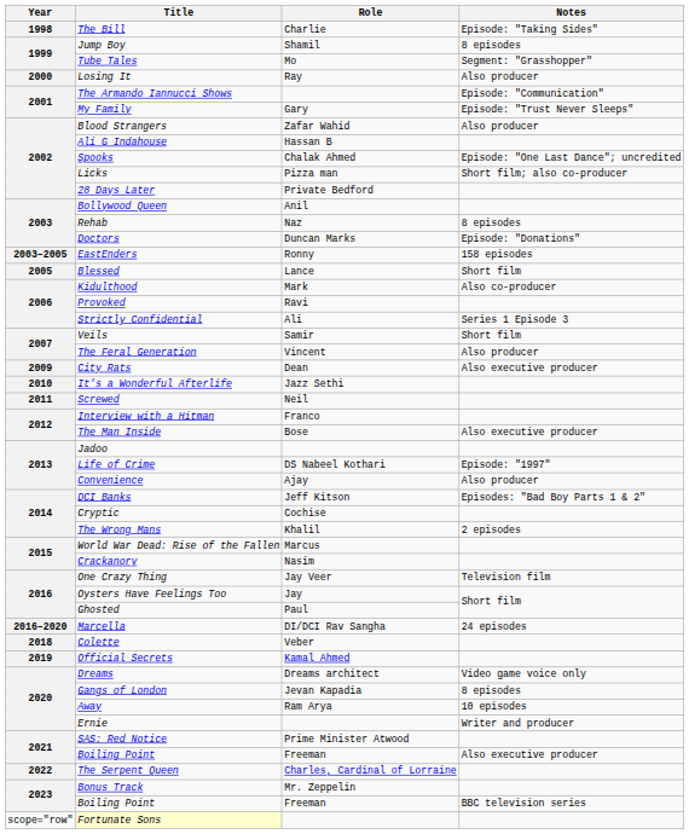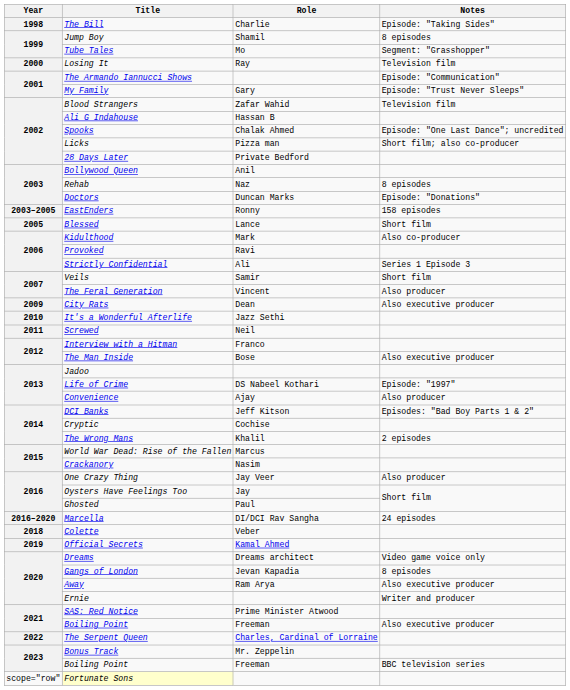 <table class="wikitable plainrowheaders">
 <tr>
 <th scope="col">Year</th>
 <th scope="col">Title</th>
 <th scope="col">Role</th>
 <th scope="col">Notes</th>
 </tr>
 <tr>
 <th scope="row">1998</th>
 <td><em><a href='#'>The Bill</a></em></td>
 <td>Charlie</td>
 <td>Episode: "Taking Sides"</td>
 </tr>
 <tr>
 <th scope="row" rowspan="2">1999</th>
 <td><em>Jump Boy</em></td>
 <td>Shamil</td>
 <td>8 episodes</td>
 </tr>
 <tr>
 <td><em><a href='#'>Tube Tales</a></em></td>
 <td>Mo</td>
 <td>Segment: "Grasshopper"</td>
 </tr>
 <tr>
 <th scope="row">2000</th>
 <td><em>Losing It</em></td>
 <td>Ray</td>
-<td>Also producer</td>
+<td>Television film</td>
 </tr>
 <tr>
 <th scope="row" rowspan="2">2001</th>
 <td><em><a href='#'>The Armando Iannucci Shows</a></em></td>
 <td></td>
 <td>Episode: "Communication"</td>
 </tr>
 <tr>
 <td><em><a href='#'>My Family</a></em></td>
 <td>Gary</td>
 <td>Episode: "Trust Never Sleeps"</td>
 </tr>
 <tr>
 <th scope="row" rowspan="5">2002</th>
 <td><em>Blood Strangers</em></td>
 <td>Zafar Wahid</td>
-<td>Also producer</td>
+<td>Television film</td>
 </tr>
 <tr>
 <td><em><a href='#'>Ali G Indahouse</a></em></td>
 <td>Hassan B</td>
 <td></td>
 </tr>
 <tr>
 <td><em><a href='#'>Spooks</a></em></td>
 <td>Chalak Ahmed</td>
 <td>Episode: "One Last Dance"; uncredited</td>
 </tr>
 <tr>
 <td><em>Licks</em></td>
 <td>Pizza man</td>
 <td>Short film; also co-producer</td>
 </tr>
 <tr>
 <td><em><a href='#'>28 Days Later</a></em></td>
 <td>Private Bedford</td>
 <td></td>
 </tr>
 <tr>
 <th scope="row" rowspan="3">2003</th>
 <td><em><a href='#'>Bollywood Queen</a></em></td>
 <td>Anil</td>
 <td></td>
 </tr>
 <tr>
 <td><em>Rehab</em></td>
 <td>Naz</td>
 <td>8 episodes</td>
 </tr>
 <tr>
 <td><em><a href='#'>Doctors</a></em></td>
 <td>Duncan Marks</td>
 <td>Episode: "Donations"</td>
 </tr>
 <tr>
 <th scope="row">2003–2005</th>
 <td><em><a href='#'>EastEnders</a></em></td>
 <td>Ronny</td>
 <td>158 episodes</td>
 </tr>
 <tr>
 <th scope="row">2005</th>
 <td><em><a href='#'>Blessed</a></em></td>
 <td>Lance</td>
 <td>Short film</td>
 </tr>
 <tr>
 <th scope="row" rowspan="3">2006</th>
 <td><em><a href='#'>Kidulthood</a></em></td>
 <td>Mark</td>
 <td>Also co-producer</td>
 </tr>
 <tr>
 <td><em><a href='#'>Provoked</a></em></td>
 <td>Ravi</td>
 <td></td>
 </tr>
 <tr>
 <td><em><a href='#'>Strictly Confidential</a></em></td>
 <td>Ali</td>
 <td>Series 1 Episode 3</td>
 </tr>
 <tr>
 <th scope="row" rowspan="2">2007</th>
 <td><em>Veils</em></td>
 <td>Samir</td>
 <td>Short film</td>
 </tr>
 <tr>
 <td><em><a href='#'>The Feral Generation</a></em></td>
 <td>Vincent</td>
 <td>Also producer</td>
 </tr>
 <tr>
 <th scope="row">2009</th>
 <td><em><a href='#'>City Rats</a></em></td>
 <td>Dean</td>
 <td>Also executive producer</td>
 </tr>
 <tr>
 <th scope="row">2010</th>
 <td><em><a href='#'>It's a Wonderful Afterlife</a></em></td>
 <td>Jazz Sethi</td>
 <td></td>
 </tr>
 <tr>
 <th scope="row">2011</th>
 <td><em><a href='#'>Screwed</a></em></td>
 <td>Neil</td>
 <td></td>
 </tr>
 <tr>
 <th scope="row" rowspan="2">2012</th>
 <td><em><a href='#'>Interview with a Hitman</a></em></td>
 <td>Franco</td>
 <td></td>
 </tr>
 <tr>
 <td><em><a href='#'>The Man Inside</a></em></td>
 <td>Bose</td>
 <td>Also executive producer</td>
 </tr>
 <tr>
 <th scope="row" rowspan="3">2013</th>
 <td><em>Jadoo</em></td>
 <td></td>
 <td></td>
 </tr>
 <tr>
 <td><em><a href='#'>Life of Crime</a></em></td>
 <td>DS Nabeel Kothari</td>
 <td>Episode: "1997"</td>
 </tr>
 <tr>
 <td><em><a href='#'>Convenience</a></em></td>
 <td>Ajay</td>
 <td>Also producer</td>
 </tr>
 <tr>
 <th scope="row" rowspan="3">2014</th>
 <td><em><a href='#'>DCI Banks</a></em></td>
 <td>Jeff Kitson</td>
 <td>Episodes: "Bad Boy Parts 1 & 2"</td>
 </tr>
 <tr>
 <td><em>Cryptic</em></td>
 <td>Cochise</td>
 <td></td>
 </tr>
 <tr>
 <td><em><a href='#'>The Wrong Mans</a></em></td>
 <td>Khalil</td>
 <td>2 episodes</td>
 </tr>
 <tr>
 <th scope="row" rowspan="2">2015</th>
 <td><em>World War Dead: Rise of the Fallen </em></td>
 <td>Marcus</td>
 <td></td>
 </tr>
 <tr>
 <td><em><a href='#'>Crackanory</a></em></td>
 <td>Nasim</td>
 <td></td>
 </tr>
 <tr>
 <th scope="row" rowspan="3">2016</th>
 <td><em>One Crazy Thing</em></td>
 <td>Jay Veer</td>
-<td>Television film</td>
+<td>Also producer</td>
 </tr>
 <tr>
 <td><em>Oysters Have Feelings Too</em></td>
 <td>Jay</td>
 <td rowspan="2">Short film</td>
 </tr>
 <tr>
 <td><em>Ghosted</em></td>
 <td>Paul</td>
 </tr>
 <tr>
 <th scope="row">2016–2020</th>
 <td><em><a href='#'>Marcella</a></em></td>
 <td>DI/DCI Rav Sangha</td>
 <td>24 episodes</td>
 </tr>
 <tr>
 <th scope="row">2018</th>
 <td><em><a href='#'>Colette</a></em></td>
 <td>Veber</td>
 <td></td>
 </tr>
 <tr>
 <th scope="row">2019</th>
 <td><em><a href='#'>Official Secrets</a></em></td>
 <td><a href='#'>Kamal Ahmed</a></td>
 <td></td>
 </tr>
 <tr>
 <th scope="row" rowspan="4">2020</th>
 <td><em><a href='#'>Dreams</a></em></td>
 <td>Dreams architect</td>
 <td>Video game voice only</td>
 </tr>
 <tr>
 <td><em><a href='#'>Gangs of London</a></em></td>
 <td>Jevan Kapadia</td>
 <td>8 episodes</td>
 </tr>
 <tr>
 <td><em><a href='#'>Away</a></em></td>
 <td>Ram Arya</td>
-<td>10 episodes</td>
+<td>Also executive producer</td>
 </tr>
 <tr>
 <td><em>Ernie</em></td>
 <td></td>
 <td>Writer and producer</td>
 </tr>
 <tr>
 <th scope="row" rowspan="2">2021</th>
 <td><em><a href='#'>SAS: Red Notice</a></em></td>
 <td>Prime Minister Atwood</td>
 <td></td>
 </tr>
 <tr>
 <td><em><a href='#'>Boiling Point</a></em></td>
 <td>Freeman</td>
 <td>Also executive producer</td>
 </tr>
 <tr>
 <th scope="row">2022</th>
 <td><em><a href='#'>The Serpent Queen</a></em></td>
 <td><a href='#'>Charles, Cardinal of Lorraine</a></td>
 <td></td>
 </tr>
 <tr>
 <th scope="row" rowspan="2">2023</th>
 <td><em><a href='#'>Bonus Track</a></em></td>
 <td>Mr. Zeppelin</td>
 <td></td>
 </tr>
 <tr>
 <td><em>Boiling Point</em></td>
 <td>Freeman</td>
 <td>BBC television series</td>
 </tr>
 <tr>
 <td>scope="row" </td>
 <td style="background:#FFFFCC;"><em>Fortunate Sons</em> </td>
 <td></td>
 <td></td>
 </tr>
 </table>
